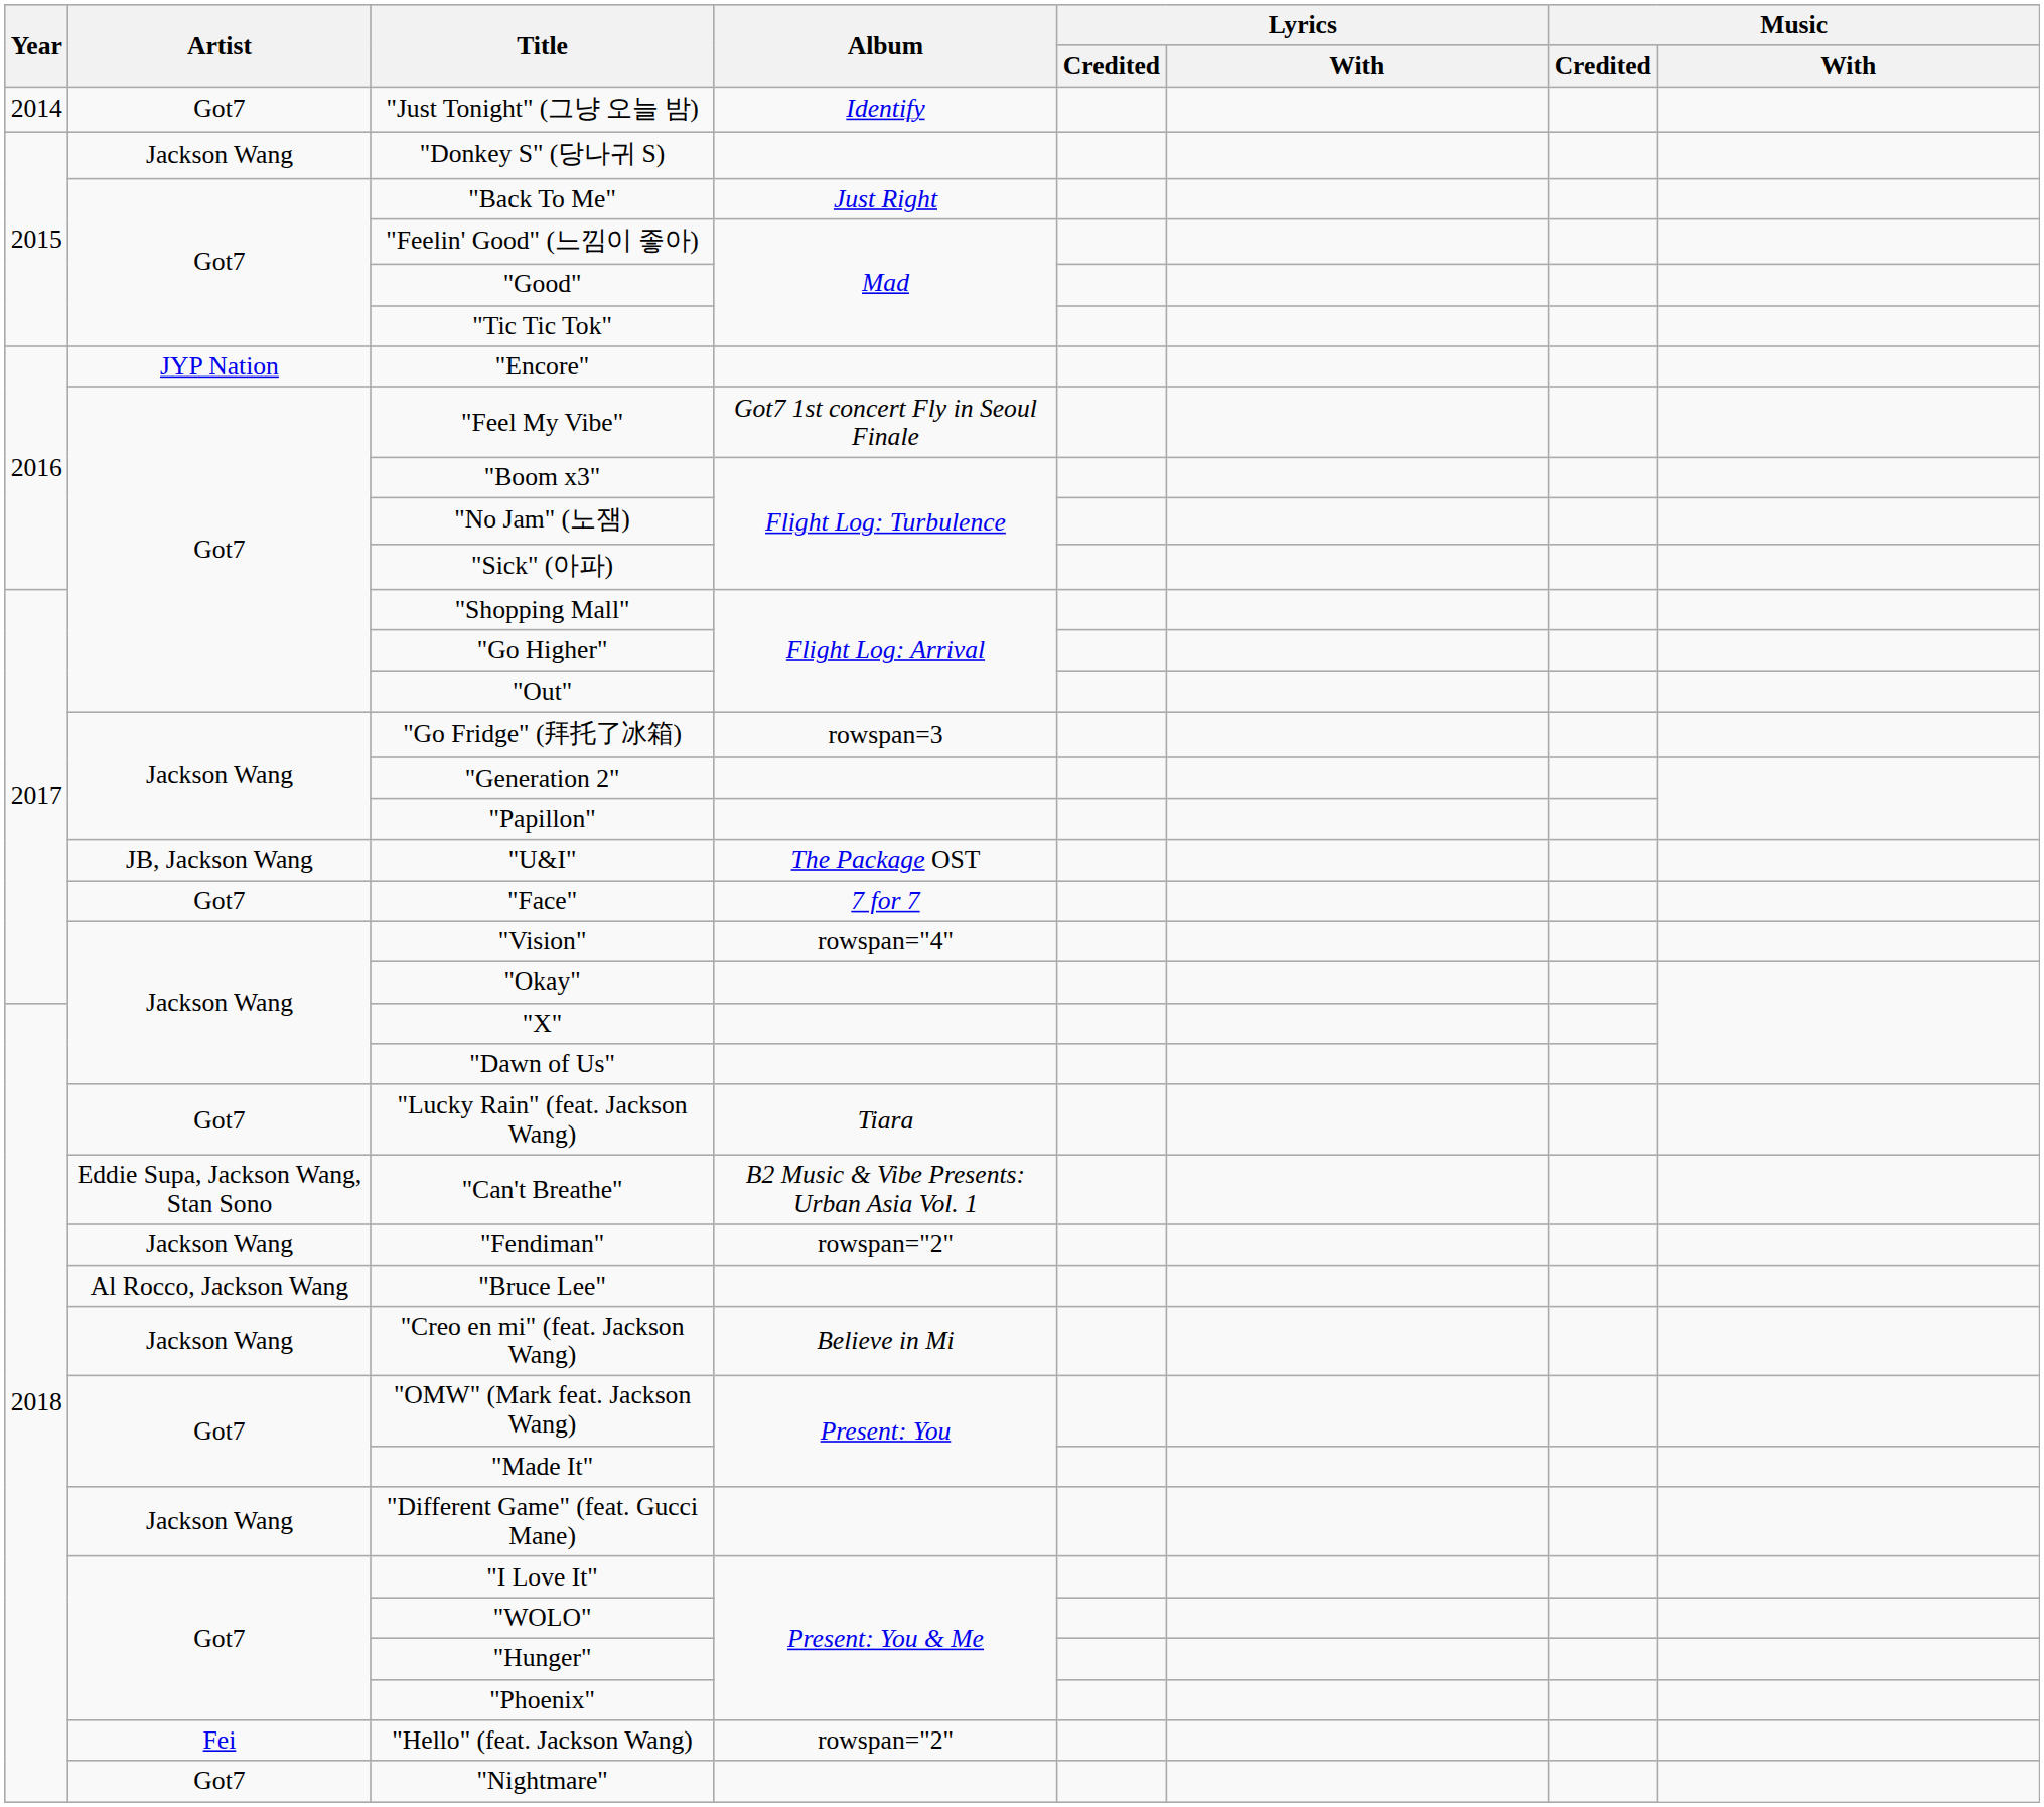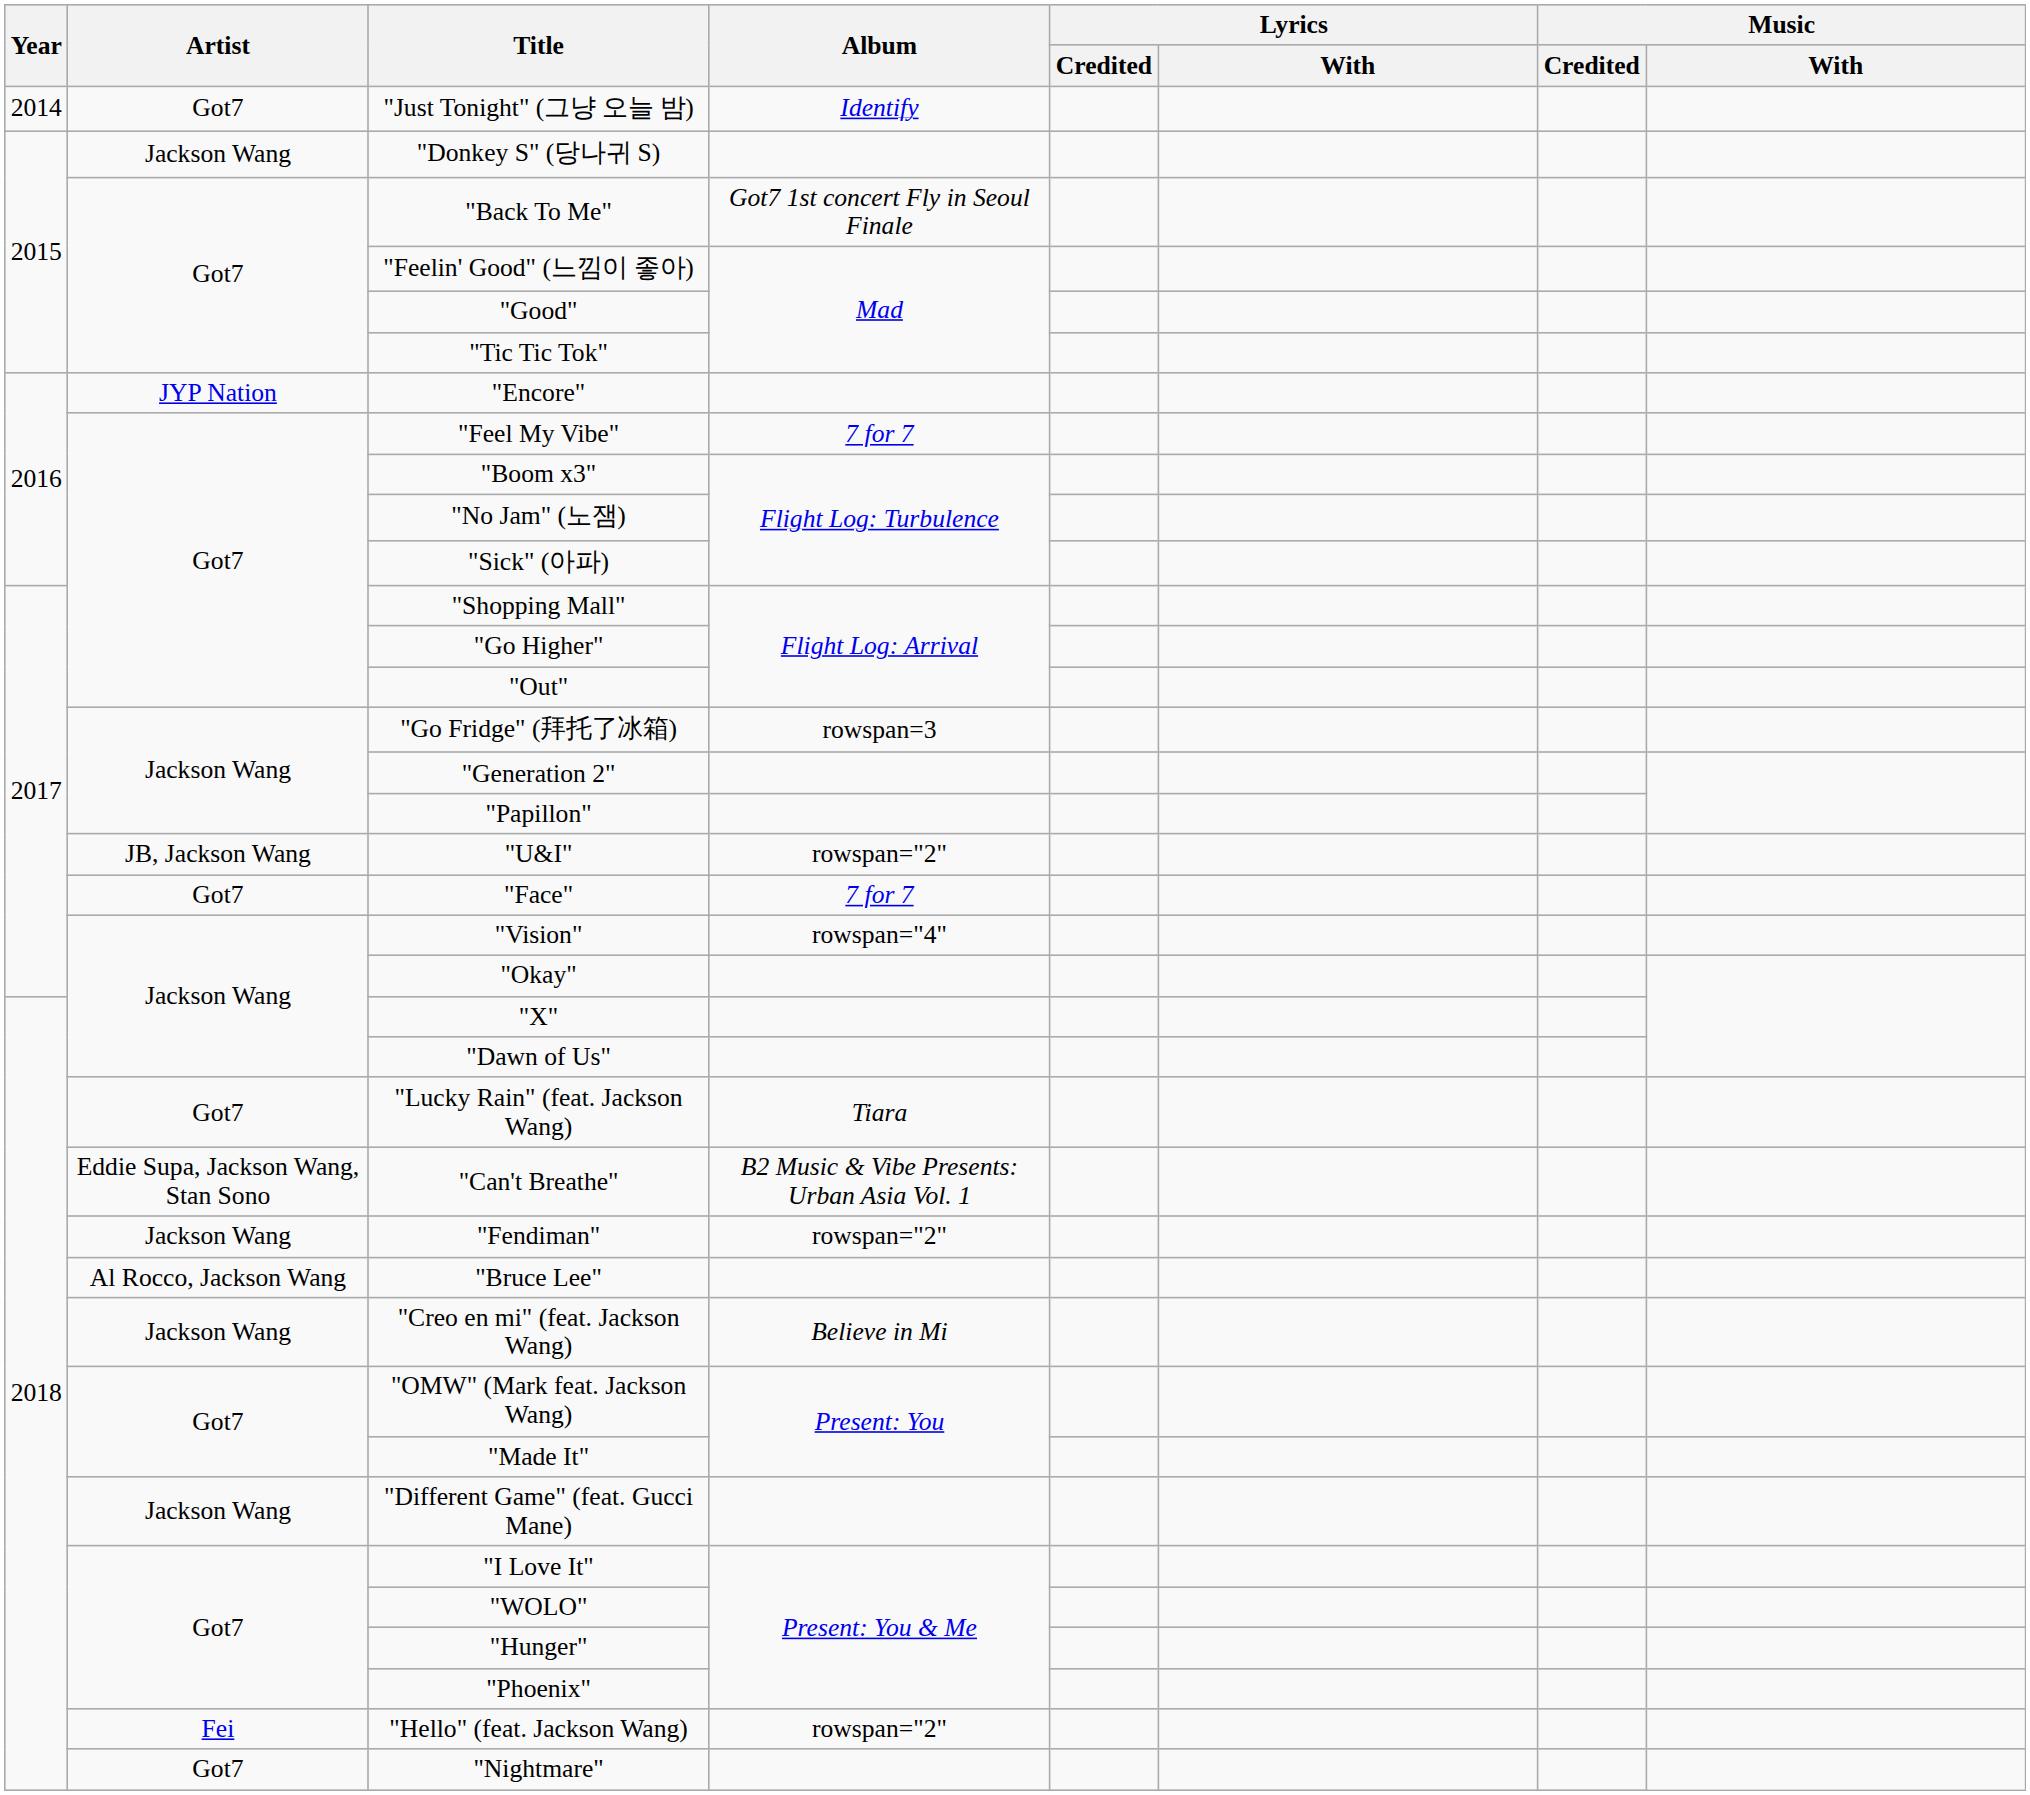 <table class="wikitable" style="text-align:center; width:100%;">
 <tr>
 <th rowspan="2" style="width:3%;">Year</th>
 <th rowspan="2" style="width:15%;">Artist</th>
 <th rowspan="2" style="width:17%;">Title</th>
 <th rowspan="2" style="width:17%;">Album</th>
 <th colspan="2" style="width:24%;">Lyrics</th>
 <th colspan="2" style="width:24%;">Music</th>
 </tr>
 <tr>
 <th style="width:5%;">Credited</th>
 <th style="width:19%;">With</th>
 <th style="width:5%;">Credited</th>
 <th style="width:19%;">With</th>
 </tr>
 <tr>
 <td>2014</td>
 <td>Got7</td>
 <td>"Just Tonight" (그냥 오늘 밤)</td>
 <td><em><a href='#'>Identify</a></em></td>
 <td></td>
 <td></td>
 <td></td>
 <td></td>
 </tr>
 <tr>
 <td rowspan="5">2015</td>
 <td>Jackson Wang</td>
 <td>"Donkey S" (당나귀 S)</td>
 <td></td>
 <td></td>
 <td></td>
 <td></td>
 <td></td>
 </tr>
 <tr>
 <td rowspan="4">Got7</td>
 <td>"Back To Me"</td>
-<td><em><a href='#'>Just Right</a></em></td>
+<td><em>Got7 1st concert Fly in Seoul Finale</em></td>
 <td></td>
 <td></td>
 <td></td>
 <td></td>
 </tr>
 <tr>
 <td>"Feelin' Good" (느낌이 좋아)</td>
 <td rowspan="3"><em><a href='#'>Mad</a></em></td>
 <td></td>
 <td></td>
 <td></td>
 <td></td>
 </tr>
 <tr>
 <td>"Good"</td>
 <td></td>
 <td></td>
 <td></td>
 <td></td>
 </tr>
 <tr>
 <td>"Tic Tic Tok"</td>
 <td></td>
 <td></td>
 <td></td>
 <td></td>
 </tr>
 <tr>
 <td rowspan="5">2016</td>
 <td><a href='#'>JYP Nation</a></td>
 <td>"Encore"</td>
 <td></td>
 <td></td>
 <td></td>
 <td></td>
 <td></td>
 </tr>
 <tr>
 <td rowspan="7">Got7</td>
 <td>"Feel My Vibe"</td>
-<td><em>Got7 1st concert Fly in Seoul Finale</em></td>
+<td><em><a href='#'>7 for 7</a></em></td>
 <td></td>
 <td></td>
 <td></td>
 <td></td>
 </tr>
 <tr>
 <td>"Boom x3"</td>
 <td rowspan="3"><em><a href='#'>Flight Log: Turbulence</a></em></td>
 <td></td>
 <td></td>
 <td></td>
 <td></td>
 </tr>
 <tr>
 <td>"No Jam" (노잼)</td>
 <td></td>
 <td></td>
 <td></td>
 <td></td>
 </tr>
 <tr>
 <td>"Sick" (아파)</td>
 <td></td>
 <td></td>
 <td></td>
 <td></td>
 </tr>
 <tr>
 <td rowspan="10">2017</td>
 <td>"Shopping Mall"</td>
 <td rowspan="3"><em><a href='#'>Flight Log: Arrival</a></em></td>
 <td></td>
 <td></td>
 <td></td>
 <td></td>
 </tr>
 <tr>
 <td>"Go Higher"</td>
 <td></td>
 <td></td>
 <td></td>
 <td></td>
 </tr>
 <tr>
 <td>"Out"</td>
 <td></td>
 <td></td>
 <td></td>
 <td></td>
 </tr>
 <tr>
 <td rowspan="3">Jackson Wang</td>
 <td>"Go Fridge" (拜托了冰箱)</td>
 <td>rowspan=3 </td>
 <td></td>
 <td></td>
 <td></td>
 <td></td>
 </tr>
 <tr>
 <td>"Generation 2"</td>
 <td></td>
 <td></td>
 <td></td>
 <td></td>
 </tr>
 <tr>
 <td>"Papillon"</td>
 <td></td>
 <td></td>
 <td></td>
 <td></td>
 </tr>
 <tr>
 <td>JB, Jackson Wang</td>
 <td>"U&I"</td>
-<td><em><a href='#'>The Package</a></em> OST</td>
+<td>rowspan="2" </td>
 <td></td>
 <td></td>
 <td></td>
 <td></td>
 </tr>
 <tr>
 <td>Got7</td>
 <td>"Face"</td>
 <td><em><a href='#'>7 for 7</a></em></td>
 <td></td>
 <td></td>
 <td></td>
 <td></td>
 </tr>
 <tr>
 <td rowspan="4">Jackson Wang</td>
 <td>"Vision"</td>
 <td>rowspan="4" </td>
 <td></td>
 <td></td>
 <td></td>
 <td></td>
 </tr>
 <tr>
 <td>"Okay"</td>
 <td></td>
 <td></td>
 <td></td>
 <td></td>
 </tr>
 <tr>
 <td rowspan="16">2018</td>
 <td>"X"</td>
 <td></td>
 <td></td>
 <td></td>
 <td></td>
 </tr>
 <tr>
 <td>"Dawn of Us"</td>
 <td></td>
 <td></td>
 <td></td>
 <td></td>
 </tr>
 <tr>
 <td>Got7</td>
 <td>"Lucky Rain" (feat. Jackson Wang)</td>
 <td><em>Tiara</em></td>
 <td></td>
 <td></td>
 <td></td>
 <td></td>
 </tr>
 <tr>
 <td>Eddie Supa, Jackson Wang, Stan Sono</td>
 <td>"Can't Breathe"</td>
 <td><em>B2 Music & Vibe Presents: Urban Asia Vol. 1</em></td>
 <td></td>
 <td></td>
 <td></td>
 <td></td>
 </tr>
 <tr>
 <td>Jackson Wang</td>
 <td>"Fendiman"</td>
 <td>rowspan="2" </td>
 <td></td>
 <td></td>
 <td></td>
 <td></td>
 </tr>
 <tr>
 <td>Al Rocco, Jackson Wang</td>
 <td>"Bruce Lee"</td>
 <td></td>
 <td></td>
 <td></td>
 <td></td>
 </tr>
 <tr>
 <td>Jackson Wang</td>
 <td>"Creo en mi" (feat. Jackson Wang)</td>
 <td><em>Believe in Mi</em></td>
 <td></td>
 <td></td>
 <td></td>
 <td></td>
 </tr>
 <tr>
 <td rowspan="2">Got7</td>
 <td>"OMW" (Mark feat. Jackson Wang)</td>
 <td rowspan="2"><em><a href='#'>Present: You</a></em></td>
 <td></td>
 <td></td>
 <td></td>
 <td></td>
 </tr>
 <tr>
 <td>"Made It"</td>
 <td></td>
 <td></td>
 <td></td>
 <td></td>
 </tr>
 <tr>
 <td>Jackson Wang</td>
 <td>"Different Game" (feat. Gucci Mane)</td>
 <td></td>
 <td></td>
 <td></td>
 <td></td>
 <td></td>
 </tr>
 <tr>
 <td rowspan="4">Got7</td>
 <td>"I Love It"</td>
 <td rowspan="4"><em><a href='#'>Present: You & Me</a></em></td>
 <td></td>
 <td></td>
 <td></td>
 <td></td>
 </tr>
 <tr>
 <td>"WOLO"</td>
 <td></td>
 <td></td>
 <td></td>
 <td></td>
 </tr>
 <tr>
 <td>"Hunger"</td>
 <td></td>
 <td></td>
 <td></td>
 <td></td>
 </tr>
 <tr>
 <td>"Phoenix"</td>
 <td></td>
 <td></td>
 <td></td>
 <td></td>
 </tr>
 <tr>
 <td><a href='#'>Fei</a></td>
 <td>"Hello" (feat. Jackson Wang)</td>
 <td>rowspan="2" </td>
 <td></td>
 <td></td>
 <td></td>
 <td></td>
 </tr>
 <tr>
 <td>Got7</td>
 <td>"Nightmare"</td>
 <td></td>
 <td></td>
 <td></td>
 <td></td>
 </tr>
 <tr>
 </tr>
 </table>
